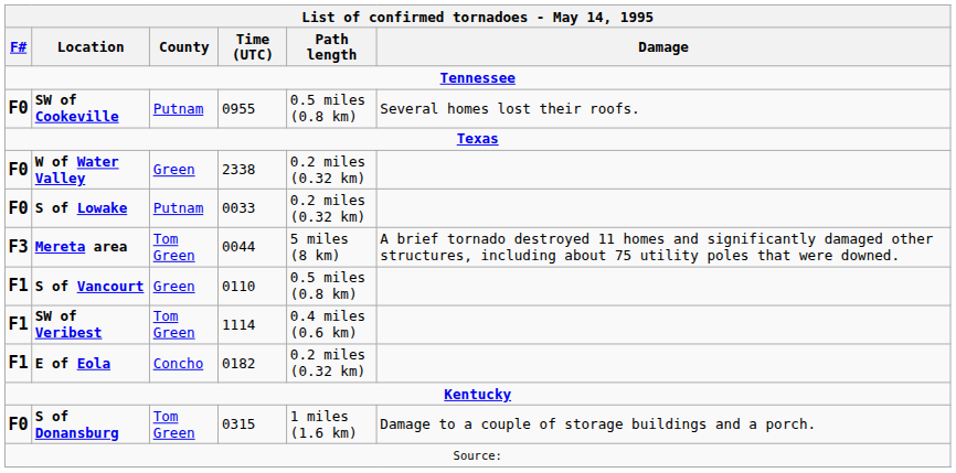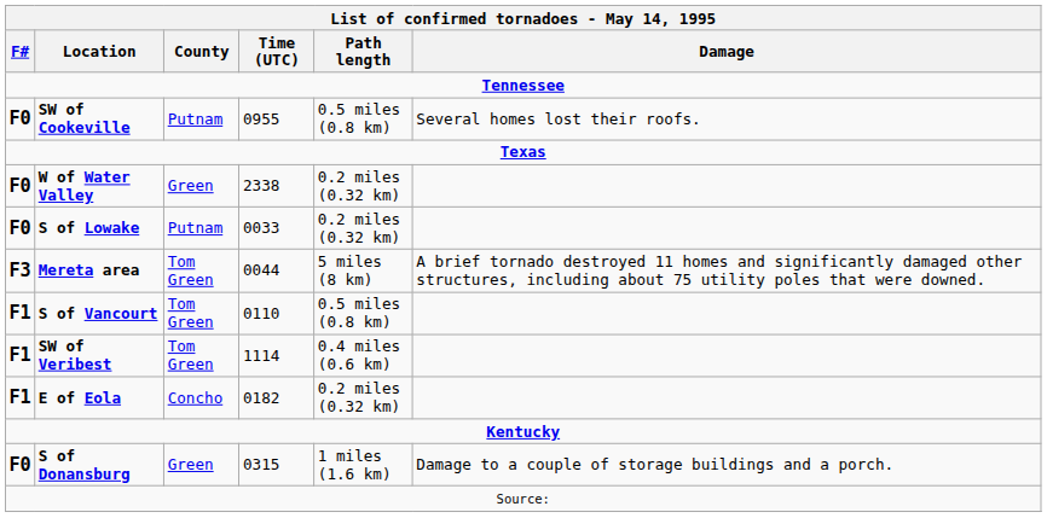 <table class="wikitable collapsible" width="100%">
 <tr>
 <th colspan="6">List of confirmed tornadoes - May 14, 1995</th>
 </tr>
 <tr>
 <th><a href='#'>F#</a></th>
 <th>Location</th>
 <th>County</th>
 <th>Time (UTC)</th>
 <th>Path length</th>
 <th>Damage</th>
 </tr>
 <tr>
 <td colspan="7" align=center><strong><a href='#'>Tennessee</a></strong></td>
 </tr>
 <tr>
 <td><big><strong>F0</strong></big></td>
 <td><strong>SW of <a href='#'>Cookeville</a></strong></td>
 <td><a href='#'>Putnam</a></td>
 <td>0955</td>
 <td>0.5 miles <br> (0.8 km)</td>
 <td>Several homes lost their roofs.</td>
 </tr>
 <tr>
 <td colspan="7" align=center><strong><a href='#'>Texas</a></strong></td>
 </tr>
 <tr>
 <td><big><strong>F0</strong></big></td>
 <td><strong>W of <a href='#'>Water Valley</a></strong></td>
 <td><a href='#'>Green</a></td>
 <td>2338</td>
 <td>0.2 miles <br> (0.32 km)</td>
 <td></td>
 </tr>
 <tr>
 <td><big><strong>F0</strong></big></td>
 <td><strong>S of <a href='#'>Lowake</a></strong></td>
 <td><a href='#'>Putnam</a></td>
 <td>0033</td>
 <td>0.2 miles <br> (0.32 km)</td>
 <td></td>
 </tr>
 <tr>
 <td><big><strong>F3</strong></big></td>
 <td><strong><a href='#'>Mereta</a> area</strong></td>
 <td><a href='#'>Tom Green</a></td>
 <td>0044</td>
 <td>5 miles <br> (8 km)</td>
 <td>A brief tornado destroyed 11 homes and significantly damaged other structures, including about 75 utility poles that were downed.</td>
 </tr>
 <tr>
 <td><big><strong>F1</strong></big></td>
 <td><strong>S of <a href='#'>Vancourt</a></strong></td>
-<td><a href='#'>Green</a></td>
+<td><a href='#'>Tom Green</a></td>
 <td>0110</td>
 <td>0.5 miles <br> (0.8 km)</td>
 <td></td>
 </tr>
 <tr>
 <td><big><strong>F1</strong></big></td>
 <td><strong>SW of <a href='#'>Veribest</a></strong></td>
 <td><a href='#'>Tom Green</a></td>
 <td>1114</td>
 <td>0.4 miles <br> (0.6 km)</td>
 <td></td>
 </tr>
 <tr>
 <td><big><strong>F1</strong></big></td>
 <td><strong>E of <a href='#'>Eola</a></strong></td>
 <td><a href='#'>Concho</a></td>
 <td>0182</td>
 <td>0.2 miles <br> (0.32 km)</td>
 <td></td>
 </tr>
 <tr>
 <td colspan="7" align=center><strong><a href='#'>Kentucky</a></strong></td>
 </tr>
 <tr>
 <td><big><strong>F0</strong></big></td>
 <td><strong>S of <a href='#'>Donansburg</a></strong></td>
-<td><a href='#'>Tom Green</a></td>
+<td><a href='#'>Green</a></td>
 <td>0315</td>
 <td>1 miles <br> (1.6 km)</td>
 <td>Damage to a couple of storage buildings and a porch.</td>
 </tr>
 <tr>
 <td colspan="7" align=center><small>Source:  </small></td>
 </tr>
 <tr>
 </tr>
 </table>
